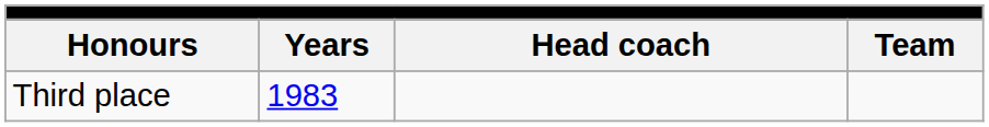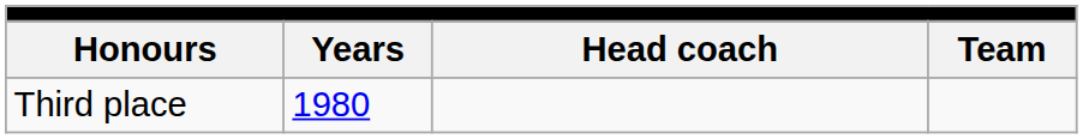 <table class="wikitable"  style="text-align: left;">
 <tr>
 <th colspan=5 style="background: #000000; color: #FFFFFF;"><a href='#'></a></th>
 </tr>
 <tr>
 <th width=120px>Honours</th>
 <th width=60px>Years</th>
 <th width=220px>Head coach</th>
 <th width=60px>Team</th>
 </tr>
 <tr>
 <td> Third place</td>
-<td><a href='#'>1983</a></td>
+<td><a href='#'>1980</a></td>
 <td></td>
 <td></td>
 </tr>
 </table>
